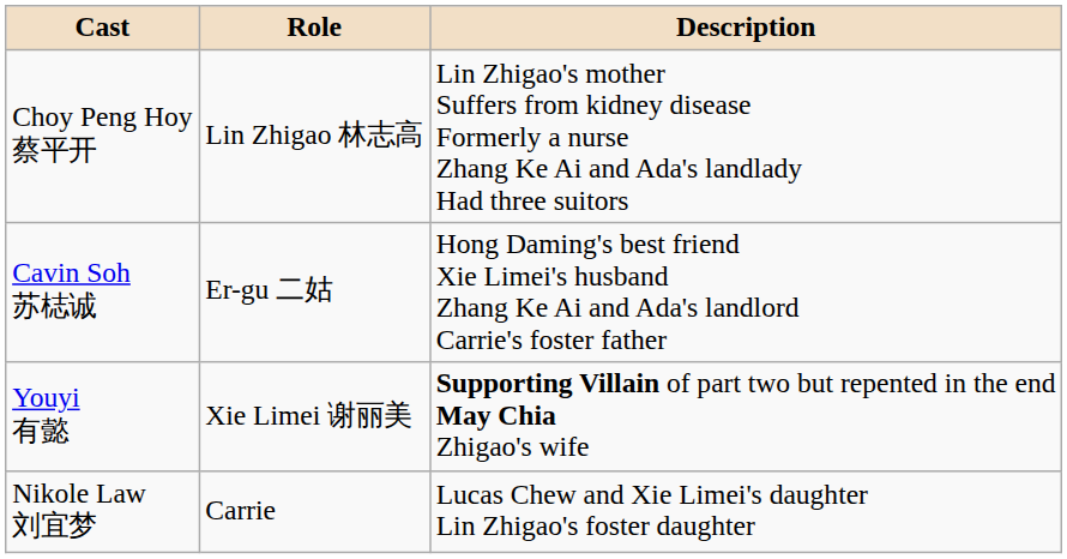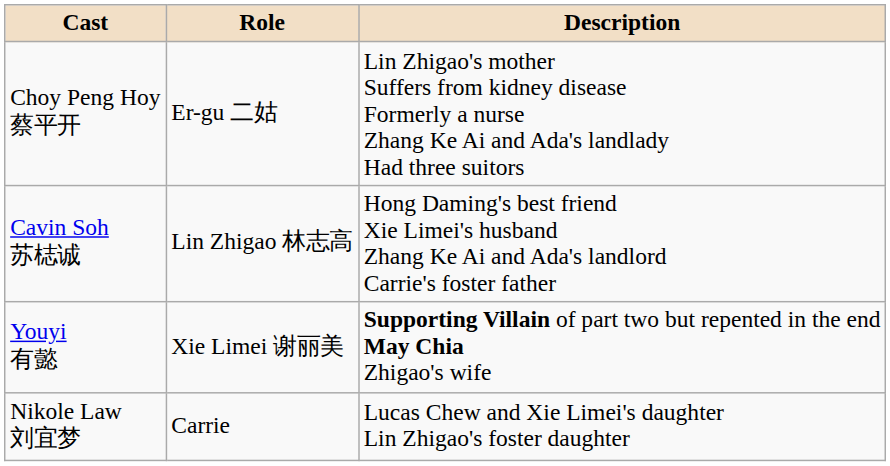 <table class="wikitable">
 <tr>
 <th style="background:#f2dfc6;">Cast</th>
 <th style="background:#f2dfc6;">Role</th>
 <th style="background:#f2dfc6;">Description</th>
 </tr>
 <tr>
 <td>Choy Peng Hoy<br>蔡平开</td>
-<td>Lin Zhigao 林志高</td>
+<td>Er-gu 二姑</td>
 <td>Lin Zhigao's mother<br>Suffers from kidney disease<br>Formerly a nurse<br>Zhang Ke Ai and Ada's landlady<br>Had three suitors</td>
 </tr>
 <tr>
 <td><a href='#'>Cavin Soh</a><br>苏梽诚</td>
-<td>Er-gu 二姑</td>
+<td>Lin Zhigao 林志高</td>
 <td>Hong Daming's best friend<br>Xie Limei's husband<br>Zhang Ke Ai and Ada's landlord<br>Carrie's foster father</td>
 </tr>
 <tr>
 <td><a href='#'>Youyi</a><br>有懿</td>
 <td>Xie Limei 谢丽美</td>
 <td><strong>Supporting Villain</strong> of part two but repented in the end<br><strong>May Chia</strong><br>Zhigao's wife</td>
 </tr>
 <tr>
 <td>Nikole Law<br>刘宜梦</td>
 <td>Carrie</td>
 <td>Lucas Chew and Xie Limei's daughter<br>Lin Zhigao's foster daughter</td>
 </tr>
 </table>
